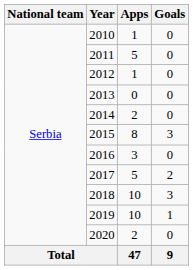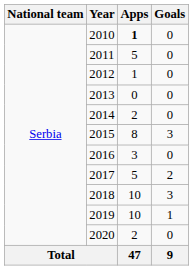 <table class="wikitable" style="text-align:center">
 <tr>
 <th>National team</th>
 <th>Year</th>
 <th>Apps</th>
 <th>Goals</th>
 </tr>
 <tr>
 <td rowspan="11"><a href='#'>Serbia</a></td>
 <td>2010</td>
-<td>1</td>
+<td><strong>1</strong></td>
 <td>0</td>
 </tr>
 <tr>
 <td>2011</td>
 <td>5</td>
 <td>0</td>
 </tr>
 <tr>
 <td>2012</td>
 <td>1</td>
 <td>0</td>
 </tr>
 <tr>
 <td>2013</td>
 <td>0</td>
 <td>0</td>
 </tr>
 <tr>
 <td>2014</td>
 <td>2</td>
 <td>0</td>
 </tr>
 <tr>
 <td>2015</td>
 <td>8</td>
 <td>3</td>
 </tr>
 <tr>
 <td>2016</td>
 <td>3</td>
 <td>0</td>
 </tr>
 <tr>
 <td>2017</td>
 <td>5</td>
 <td>2</td>
 </tr>
 <tr>
 <td>2018</td>
 <td>10</td>
 <td>3</td>
 </tr>
 <tr>
 <td>2019</td>
 <td>10</td>
 <td>1</td>
 </tr>
 <tr>
 <td>2020</td>
 <td>2</td>
 <td>0</td>
 </tr>
 <tr>
 <th colspan="2">Total</th>
 <th>47</th>
 <th>9</th>
 </tr>
 </table>
